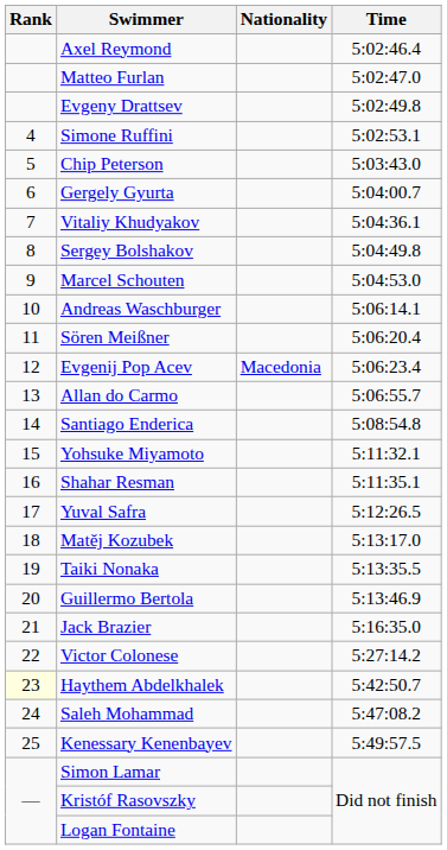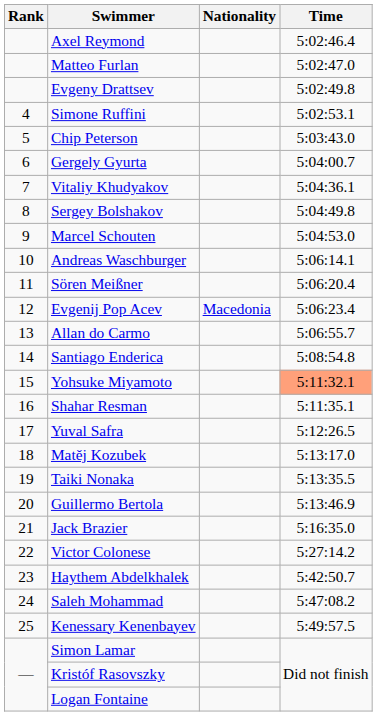 <table class="wikitable sortable" border="1" style="text-align:center">
 <tr>
 <th>Rank</th>
 <th>Swimmer</th>
 <th>Nationality</th>
 <th>Time</th>
 </tr>
 <tr>
 <td></td>
 <td align=left><a href='#'>Axel Reymond</a></td>
 <td align=left></td>
 <td>5:02:46.4</td>
 </tr>
 <tr>
 <td></td>
 <td align=left><a href='#'>Matteo Furlan</a></td>
 <td align=left></td>
 <td>5:02:47.0</td>
 </tr>
 <tr>
 <td></td>
 <td align=left><a href='#'>Evgeny Drattsev</a></td>
 <td align=left></td>
 <td>5:02:49.8</td>
 </tr>
 <tr>
 <td>4</td>
 <td align=left><a href='#'>Simone Ruffini</a></td>
 <td align=left></td>
 <td>5:02:53.1</td>
 </tr>
 <tr>
 <td>5</td>
 <td align=left><a href='#'>Chip Peterson</a></td>
 <td align=left></td>
 <td>5:03:43.0</td>
 </tr>
 <tr>
 <td>6</td>
 <td align=left><a href='#'>Gergely Gyurta</a></td>
 <td align=left></td>
 <td>5:04:00.7</td>
 </tr>
 <tr>
 <td>7</td>
 <td align=left><a href='#'>Vitaliy Khudyakov</a></td>
 <td align=left></td>
 <td>5:04:36.1</td>
 </tr>
 <tr>
 <td>8</td>
 <td align=left><a href='#'>Sergey Bolshakov</a></td>
 <td align=left></td>
 <td>5:04:49.8</td>
 </tr>
 <tr>
 <td>9</td>
 <td align=left><a href='#'>Marcel Schouten</a></td>
 <td align=left></td>
 <td>5:04:53.0</td>
 </tr>
 <tr>
 <td>10</td>
 <td align=left><a href='#'>Andreas Waschburger</a></td>
 <td align=left></td>
 <td>5:06:14.1</td>
 </tr>
 <tr>
 <td>11</td>
 <td align=left><a href='#'>Sören Meißner</a></td>
 <td align=left></td>
 <td>5:06:20.4</td>
 </tr>
 <tr>
 <td>12</td>
 <td align=left><a href='#'>Evgenij Pop Acev</a></td>
 <td align=left> <a href='#'>Macedonia</a></td>
 <td>5:06:23.4</td>
 </tr>
 <tr>
 <td>13</td>
 <td align=left><a href='#'>Allan do Carmo</a></td>
 <td align=left></td>
 <td>5:06:55.7</td>
 </tr>
 <tr>
 <td>14</td>
 <td align=left><a href='#'>Santiago Enderica</a></td>
 <td align=left></td>
 <td>5:08:54.8</td>
 </tr>
 <tr>
 <td>15</td>
 <td align=left><a href='#'>Yohsuke Miyamoto</a></td>
 <td align=left></td>
-<td>5:11:32.1</td>
+<td style="background: lightsalmon;">5:11:32.1</td>
 </tr>
 <tr>
 <td>16</td>
 <td align=left><a href='#'>Shahar Resman</a></td>
 <td align=left></td>
 <td>5:11:35.1</td>
 </tr>
 <tr>
 <td>17</td>
 <td align=left><a href='#'>Yuval Safra</a></td>
 <td align=left></td>
 <td>5:12:26.5</td>
 </tr>
 <tr>
 <td>18</td>
 <td align=left><a href='#'>Matěj Kozubek</a></td>
 <td align=left></td>
 <td>5:13:17.0</td>
 </tr>
 <tr>
 <td>19</td>
 <td align=left><a href='#'>Taiki Nonaka</a></td>
 <td align=left></td>
 <td>5:13:35.5</td>
 </tr>
 <tr>
 <td>20</td>
 <td align=left><a href='#'>Guillermo Bertola</a></td>
 <td align=left></td>
 <td>5:13:46.9</td>
 </tr>
 <tr>
 <td>21</td>
 <td align=left><a href='#'>Jack Brazier</a></td>
 <td align=left></td>
 <td>5:16:35.0</td>
 </tr>
 <tr>
 <td>22</td>
 <td align=left><a href='#'>Victor Colonese</a></td>
 <td align=left></td>
 <td>5:27:14.2</td>
 </tr>
 <tr>
-<td style="background: lightyellow;">23</td>
+<td>23</td>
 <td align=left><a href='#'>Haythem Abdelkhalek</a></td>
 <td align=left></td>
 <td>5:42:50.7</td>
 </tr>
 <tr>
 <td>24</td>
 <td align=left><a href='#'>Saleh Mohammad</a></td>
 <td align=left></td>
 <td>5:47:08.2</td>
 </tr>
 <tr>
 <td>25</td>
 <td align=left><a href='#'>Kenessary Kenenbayev</a></td>
 <td align=left></td>
 <td>5:49:57.5</td>
 </tr>
 <tr>
 <td rowspan=3>—</td>
 <td align=left><a href='#'>Simon Lamar</a></td>
 <td align=left></td>
 <td rowspan=3>Did not finish</td>
 </tr>
 <tr>
 <td align=left><a href='#'>Kristóf Rasovszky</a></td>
 <td align=left></td>
 </tr>
 <tr>
 <td align=left><a href='#'>Logan Fontaine</a></td>
 <td align=left></td>
 </tr>
 </table>
